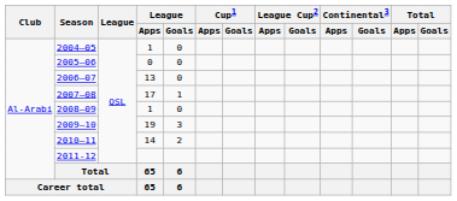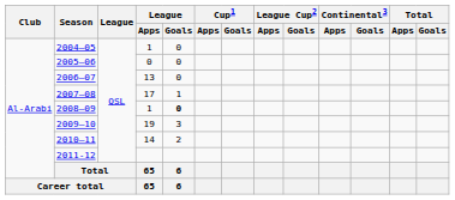 <table class="wikitable" style="font-size:90%; text-align:center;">
 <tr>
 <th rowspan="2">Club</th>
 <th rowspan="2">Season</th>
 <th rowspan="2">League</th>
 <th colspan="2">League</th>
 <th colspan="2">Cup<sup><a href='#'>1</a></sup></th>
 <th colspan="2">League Cup<sup><a href='#'>2</a></sup></th>
 <th colspan="2">Continental<sup><a href='#'>3</a></sup></th>
 <th colspan="2">Total</th>
 </tr>
 <tr>
 <th>Apps</th>
 <th>Goals</th>
 <th>Apps</th>
 <th>Goals</th>
 <th>Apps</th>
 <th>Goals</th>
 <th>Apps</th>
 <th>Goals</th>
 <th>Apps</th>
 <th>Goals</th>
 </tr>
 <tr>
 <td rowspan="9"><a href='#'>Al-Arabi</a></td>
 <td><a href='#'>2004–05</a></td>
 <td rowspan="8"><a href='#'>QSL</a></td>
 <td>1</td>
 <td>0</td>
 <td></td>
 <td></td>
 <td></td>
 <td></td>
 <td></td>
 <td></td>
 <td></td>
 <td></td>
 </tr>
 <tr>
 <td><a href='#'>2005–06</a></td>
 <td>0</td>
 <td>0</td>
 <td></td>
 <td></td>
 <td></td>
 <td></td>
 <td></td>
 <td></td>
 <td></td>
 <td></td>
 </tr>
 <tr>
 <td><a href='#'>2006–07</a></td>
 <td>13</td>
 <td>0</td>
 <td></td>
 <td></td>
 <td></td>
 <td></td>
 <td></td>
 <td></td>
 <td></td>
 <td></td>
 </tr>
 <tr>
 <td><a href='#'>2007–08</a></td>
 <td>17</td>
 <td>1</td>
 <td></td>
 <td></td>
 <td></td>
 <td></td>
 <td></td>
 <td></td>
 <td></td>
 <td></td>
 </tr>
 <tr>
 <td><a href='#'>2008–09</a></td>
 <td>1</td>
-<td>0</td>
+<td><strong>0</strong></td>
 <td></td>
 <td></td>
 <td></td>
 <td></td>
 <td></td>
 <td></td>
 <td></td>
 <td></td>
 </tr>
 <tr>
 <td><a href='#'>2009–10</a></td>
 <td>19</td>
 <td>3</td>
 <td></td>
 <td></td>
 <td></td>
 <td></td>
 <td></td>
 <td></td>
 <td></td>
 <td></td>
 </tr>
 <tr>
 <td><a href='#'>2010–11</a></td>
 <td>14</td>
 <td>2</td>
 <td></td>
 <td></td>
 <td></td>
 <td></td>
 <td></td>
 <td></td>
 <td></td>
 <td></td>
 </tr>
 <tr>
 <td><a href='#'>2011-12</a></td>
 <td></td>
 <td></td>
 <td></td>
 <td></td>
 <td></td>
 <td></td>
 <td></td>
 <td></td>
 <td></td>
 <td></td>
 </tr>
 <tr>
 <th colspan="2">Total</th>
 <th>65</th>
 <th>6</th>
 <th></th>
 <th></th>
 <th></th>
 <th></th>
 <th></th>
 <th></th>
 <th></th>
 <th></th>
 </tr>
 <tr>
 <th colspan="3">Career total</th>
 <th>65</th>
 <th>6</th>
 <th></th>
 <th></th>
 <th></th>
 <th></th>
 <th></th>
 <th></th>
 <th></th>
 <th></th>
 </tr>
 </table>
